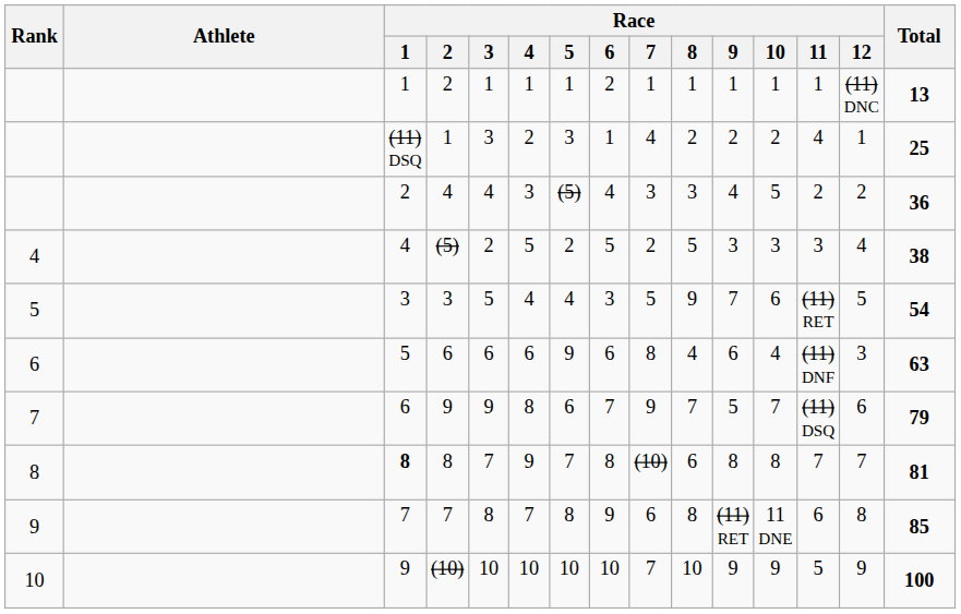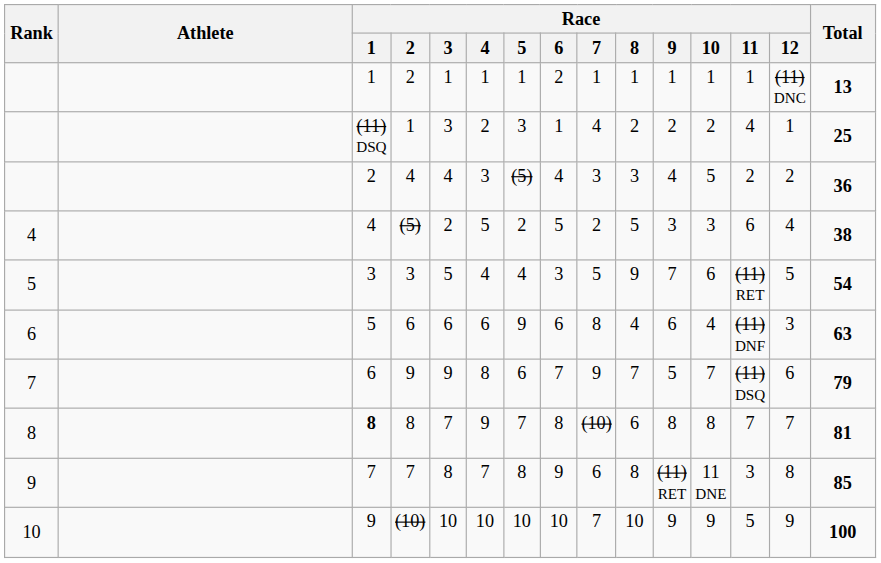 <table | class="wikitable" style="text-align:center">
 <tr>
 <th rowspan="2" width=40>Rank</th>
 <th rowspan="2" width=250>Athlete</th>
 <th colspan="12">Race</th>
 <th rowspan="2" width=50>Total</th>
 </tr>
 <tr>
 <th width=25>1</th>
 <th width=25>2</th>
 <th width=25>3</th>
 <th width=25>4</th>
 <th width=25>5</th>
 <th width=25>6</th>
 <th width=25>7</th>
 <th width=25>8</th>
 <th width=25>9</th>
 <th width=25>10</th>
 <th width=25>11</th>
 <th width=25>12</th>
 </tr>
 <tr>
 <td></td>
 <td align=left></td>
 <td>1<br> </td>
 <td>2<br> </td>
 <td>1<br> </td>
 <td>1<br> </td>
 <td>1<br> </td>
 <td>2<br> </td>
 <td>1<br> </td>
 <td>1<br> </td>
 <td>1<br> </td>
 <td>1<br> </td>
 <td>1<br> </td>
 <td><s>(11)</s><br><small>DNC</small></td>
 <td><strong>13</strong></td>
 </tr>
 <tr>
 <td></td>
 <td align=left></td>
 <td><s>(11)</s><br><small>DSQ</small></td>
 <td>1<br> </td>
 <td>3<br> </td>
 <td>2<br> </td>
 <td>3<br> </td>
 <td>1<br> </td>
 <td>4<br> </td>
 <td>2<br> </td>
 <td>2<br> </td>
 <td>2<br> </td>
 <td>4<br> </td>
 <td>1<br> </td>
 <td><strong>25</strong></td>
 </tr>
 <tr>
 <td></td>
 <td align=left></td>
 <td>2<br> </td>
 <td>4<br> </td>
 <td>4<br> </td>
 <td>3<br> </td>
 <td><s>(5)</s><br> </td>
 <td>4<br> </td>
 <td>3<br> </td>
 <td>3<br> </td>
 <td>4<br> </td>
 <td>5<br> </td>
 <td>2<br> </td>
 <td>2<br> </td>
 <td><strong>36</strong></td>
 </tr>
 <tr>
 <td>4</td>
 <td align=left></td>
 <td>4<br> </td>
 <td><s>(5)</s><br> </td>
 <td>2<br> </td>
 <td>5<br> </td>
 <td>2<br> </td>
 <td>5<br> </td>
 <td>2<br> </td>
 <td>5<br> </td>
 <td>3<br> </td>
 <td>3<br> </td>
-<td>3<br> </td>
+<td>6<br> </td>
 <td>4<br> </td>
 <td><strong>38</strong></td>
 </tr>
 <tr>
 <td>5</td>
 <td align=left></td>
 <td>3<br> </td>
 <td>3<br> </td>
 <td>5<br> </td>
 <td>4<br> </td>
 <td>4<br> </td>
 <td>3<br> </td>
 <td>5<br> </td>
 <td>9<br> </td>
 <td>7<br> </td>
 <td>6<br> </td>
 <td><s>(11)</s><br><small>RET</small></td>
 <td>5<br> </td>
 <td><strong>54</strong></td>
 </tr>
 <tr>
 <td>6</td>
 <td align=left></td>
 <td>5<br> </td>
 <td>6<br> </td>
 <td>6<br> </td>
 <td>6<br> </td>
 <td>9<br> </td>
 <td>6<br> </td>
 <td>8<br> </td>
 <td>4<br> </td>
 <td>6<br> </td>
 <td>4<br> </td>
 <td><s>(11)</s><br><small>DNF</small></td>
 <td>3<br> </td>
 <td><strong>63</strong></td>
 </tr>
 <tr>
 <td>7</td>
 <td align=left></td>
 <td>6<br> </td>
 <td>9<br> </td>
 <td>9<br> </td>
 <td>8<br> </td>
 <td>6<br> </td>
 <td>7<br> </td>
 <td>9<br> </td>
 <td>7<br> </td>
 <td>5<br> </td>
 <td>7<br> </td>
 <td><s>(11)</s><br><small>DSQ</small></td>
 <td>6<br> </td>
 <td><strong>79</strong></td>
 </tr>
 <tr>
 <td>8</td>
 <td align=left></td>
 <td><strong>8<br> </strong></td>
 <td>8<br> </td>
 <td>7<br> </td>
 <td>9<br> </td>
 <td>7<br> </td>
 <td>8<br> </td>
 <td><s>(10)</s><br> </td>
 <td>6<br> </td>
 <td>8<br> </td>
 <td>8<br> </td>
 <td>7<br> </td>
 <td>7<br> </td>
 <td><strong>81</strong></td>
 </tr>
 <tr>
 <td>9</td>
 <td align=left></td>
 <td>7<br> </td>
 <td>7<br> </td>
 <td>8<br> </td>
 <td>7<br> </td>
 <td>8<br> </td>
 <td>9<br> </td>
 <td>6<br> </td>
 <td>8<br> </td>
 <td><s>(11)</s><br><small>RET</small></td>
 <td>11<br><small>DNE</small></td>
-<td>6<br> </td>
+<td>3<br> </td>
 <td>8<br> </td>
 <td><strong>85</strong></td>
 </tr>
 <tr>
 <td>10</td>
 <td align=left></td>
 <td>9<br> </td>
 <td><s>(10)</s><br> </td>
 <td>10<br> </td>
 <td>10<br> </td>
 <td>10<br> </td>
 <td>10<br> </td>
 <td>7<br> </td>
 <td>10<br> </td>
 <td>9<br> </td>
 <td>9<br> </td>
 <td>5<br> </td>
 <td>9<br> </td>
 <td><strong>100</strong></td>
 </tr>
 </table>
